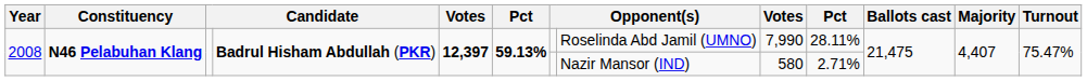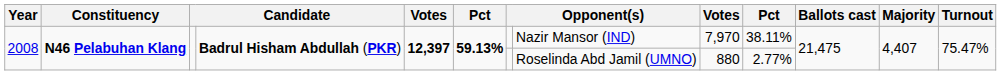 <table class="wikitable" style="margin:0.5em ; font-size:95%">
 <tr>
 <th>Year</th>
 <th>Constituency</th>
 <th colspan=2>Candidate</th>
 <th>Votes</th>
 <th>Pct</th>
 <th colspan=2>Opponent(s)</th>
 <th>Votes</th>
 <th>Pct</th>
 <th>Ballots cast</th>
 <th>Majority</th>
 <th>Turnout</th>
 </tr>
 <tr>
 <td rowspan=2><a href='#'>2008</a></td>
 <td rowspan=2><strong>N46 <a href='#'>Pelabuhan Klang</a></strong></td>
 <td rowspan=2 ></td>
 <td rowspan=2><strong>Badrul Hisham Abdullah</strong> (<a href='#'><strong>PKR</strong></a>)</td>
 <td rowspan=2 align=right><strong>12,397</strong></td>
 <td rowspan=2><strong>59.13%</strong></td>
 <td></td>
-<td>Roselinda Abd Jamil (<a href='#'>UMNO</a>)</td>
-<td align=right>7,990</td>
-<td>28.11%</td>
+<td>Nazir Mansor (<a href='#'>IND</a>)</td>
+<td align=right>7,970</td>
+<td>38.11%</td>
 <td rowspan=2>21,475</td>
 <td rowspan=2>4,407</td>
 <td rowspan=2>75.47%</td>
 </tr>
 <tr>
 <td></td>
-<td>Nazir Mansor (<a href='#'>IND</a>)</td>
-<td align=right>580</td>
-<td align=right>2.71%</td>
+<td>Roselinda Abd Jamil (<a href='#'>UMNO</a>)</td>
+<td align=right>880</td>
+<td align=right>2.77%</td>
 </tr>
 </table>
